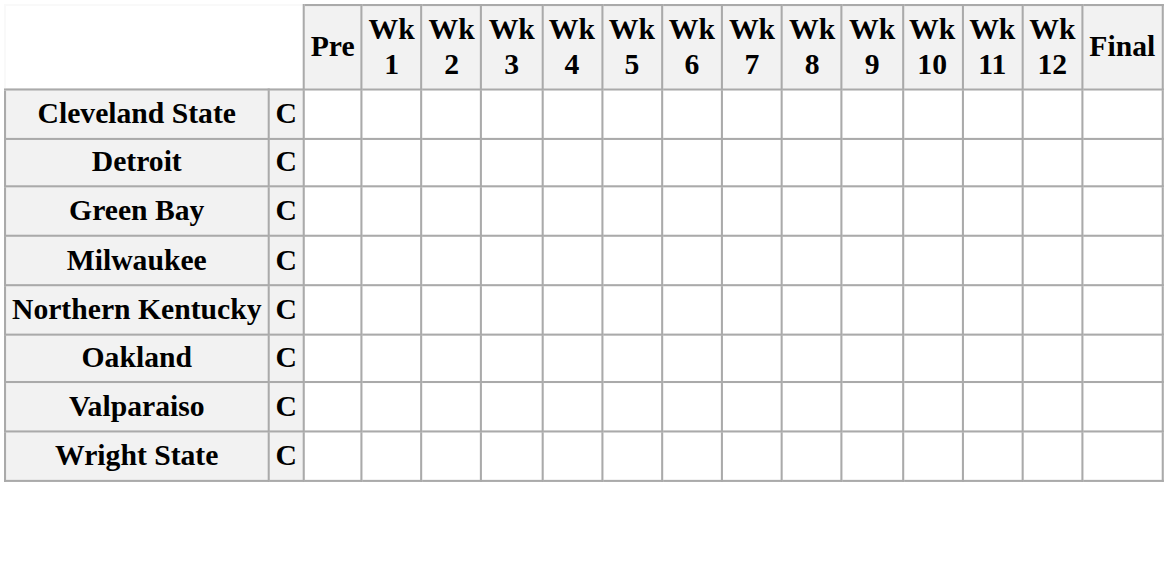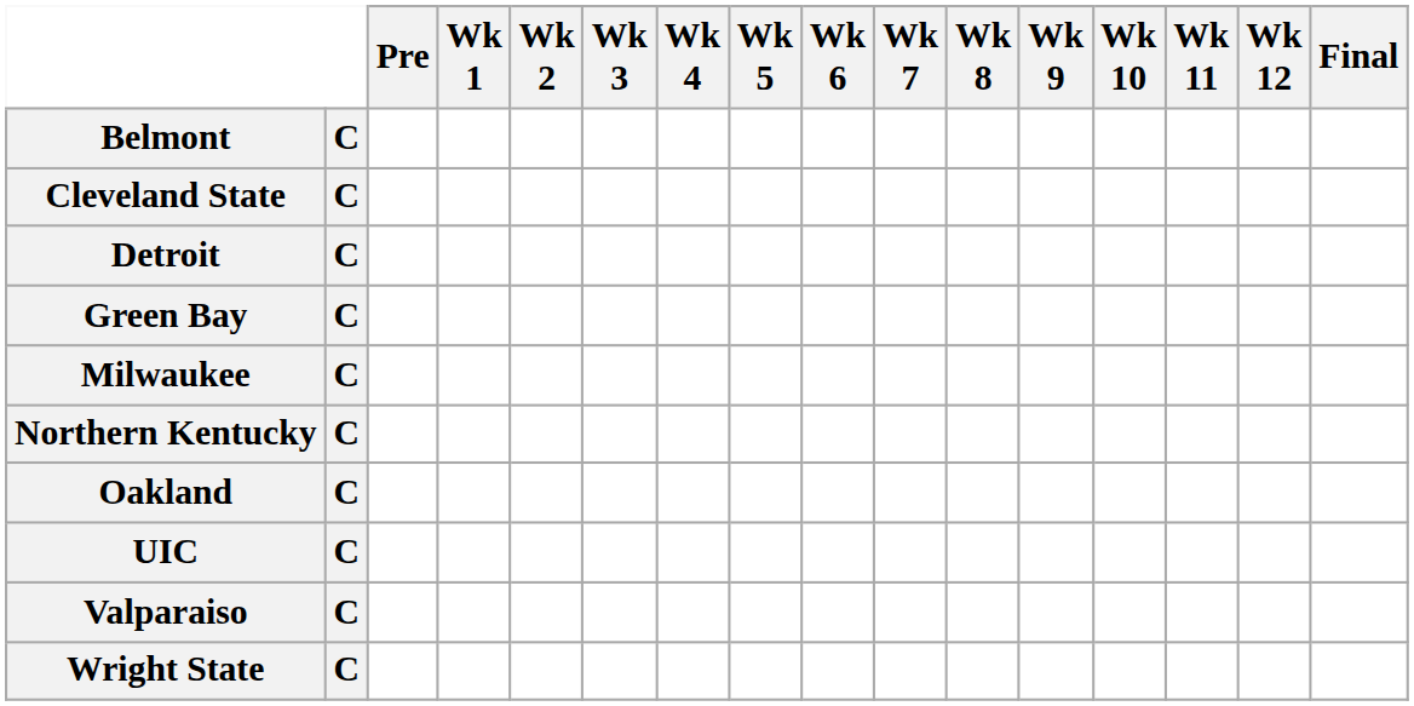 <table class="wikitable" style="white-space:nowrap;font-size:90%;">
 <tr>
 <th colspan=2 style="background:white; border-top-style:hidden; border-left-style:hidden;"> </th>
 <th>Pre</th>
 <th>Wk<br>1</th>
 <th>Wk<br>2</th>
 <th>Wk<br>3</th>
 <th>Wk<br>4</th>
 <th>Wk<br>5</th>
 <th>Wk<br>6</th>
 <th>Wk<br>7</th>
 <th>Wk<br>8</th>
 <th>Wk<br>9</th>
 <th>Wk<br>10</th>
 <th>Wk<br>11</th>
 <th>Wk<br>12</th>
 <th>Final</th>
+</tr>
+<tr style="text-align:center;">
+<th style="background:#">Belmont</th>
+<th>C</th>
+<td style="background:#FFF;"></td>
+<td style="background:#FFF;"></td>
+<td style="background:#FFF;"></td>
+<td style="background:#FFF;"></td>
+<td style="background:#FFF;"></td>
+<td style="background:#FFF;"></td>
+<td style="background:#FFF;"></td>
+<td style="background:#FFF;"></td>
+<td style="background:#FFF;"></td>
+<td style="background:#FFF;"></td>
+<td style="background:#FFF;"></td>
+<td style="background:#FFF;"></td>
+<td style="background:#FFF;"></td>
+<td style="background:#FFF;"></td>
 </tr>
 <tr style="text-align:center;">
 <th style="background:#">Cleveland State</th>
 <th>C</th>
 <td style="background:#FFF;"></td>
 <td style="background:#FFF;"></td>
 <td style="background:#FFF;"></td>
 <td style="background:#FFF;"></td>
 <td style="background:#FFF;"></td>
 <td style="background:#FFF;"></td>
 <td style="background:#FFF;"></td>
 <td style="background:#FFF;"></td>
 <td style="background:#FFF;"></td>
 <td style="background:#FFF;"></td>
 <td style="background:#FFF;"></td>
 <td style="background:#FFF;"></td>
 <td style="background:#FFF;"></td>
 <td style="background:#FFF;"></td>
 </tr>
 <tr style="text-align:center;">
 <th style="background:#">Detroit</th>
 <th>C</th>
 <td style="background:#FFF;"></td>
 <td style="background:#FFF;"></td>
 <td style="background:#FFF;"></td>
 <td style="background:#FFF;"></td>
 <td style="background:#FFF;"></td>
 <td style="background:#FFF;"></td>
 <td style="background:#FFF;"></td>
 <td style="background:#FFF;"></td>
 <td style="background:#FFF;"></td>
 <td style="background:#FFF;"></td>
 <td style="background:#FFF;"></td>
 <td style="background:#FFF;"></td>
 <td style="background:#FFF;"></td>
 <td style="background:#FFF;"></td>
 </tr>
 <tr style="text-align:center;">
 <th style="background:#">Green Bay</th>
 <th>C</th>
 <td style="background:#FFF;"></td>
 <td style="background:#FFF;"></td>
 <td style="background:#FFF;"></td>
 <td style="background:#FFF;"></td>
 <td style="background:#FFF;"></td>
 <td style="background:#FFF;"></td>
 <td style="background:#FFF;"></td>
 <td style="background:#FFF;"></td>
 <td style="background:#FFF;"></td>
 <td style="background:#FFF;"></td>
 <td style="background:#FFF;"></td>
 <td style="background:#FFF;"></td>
 <td style="background:#FFF;"></td>
 <td style="background:#FFF;"></td>
 </tr>
 <tr style="text-align:center;">
 <th style="background:#">Milwaukee</th>
 <th>C</th>
 <td style="background:#FFF;"></td>
 <td style="background:#FFF;"></td>
 <td style="background:#FFF;"></td>
 <td style="background:#FFF;"></td>
 <td style="background:#FFF;"></td>
 <td style="background:#FFF;"></td>
 <td style="background:#FFF;"></td>
 <td style="background:#FFF;"></td>
 <td style="background:#FFF;"></td>
 <td style="background:#FFF;"></td>
 <td style="background:#FFF;"></td>
 <td style="background:#FFF;"></td>
 <td style="background:#FFF;"></td>
 <td style="background:#FFF;"></td>
 </tr>
 <tr style="text-align:center;">
 <th style="background:#">Northern Kentucky</th>
 <th>C</th>
 <td style="background:#FFF;"></td>
 <td style="background:#FFF;"></td>
 <td style="background:#FFF;"></td>
 <td style="background:#FFF;"></td>
 <td style="background:#FFF;"></td>
 <td style="background:#FFF;"></td>
 <td style="background:#FFF;"></td>
 <td style="background:#FFF;"></td>
 <td style="background:#FFF;"></td>
 <td style="background:#FFF;"></td>
 <td style="background:#FFF;"></td>
 <td style="background:#FFF;"></td>
 <td style="background:#FFF;"></td>
 <td style="background:#FFF;"></td>
 </tr>
 <tr style="text-align:center;">
 <th style="background:#">Oakland</th>
 <th>C</th>
 <td style="background:#FFF;"></td>
 <td style="background:#FFF;"></td>
 <td style="background:#FFF;"></td>
 <td style="background:#FFF;"></td>
 <td style="background:#FFF;"></td>
 <td style="background:#FFF;"></td>
 <td style="background:#FFF;"></td>
 <td style="background:#FFF;"></td>
 <td style="background:#FFF;"></td>
 <td style="background:#FFF;"></td>
 <td style="background:#FFF;"></td>
 <td style="background:#FFF;"></td>
 <td style="background:#FFF;"></td>
 <td style="background:#FFF;"></td>
 </tr>
 <tr style="text-align:center;">
+<th style="background:#">UIC</th>
+<th>C</th>
+<td style="background:#FFF;"></td>
+<td style="background:#FFF;"></td>
+<td style="background:#FFF;"></td>
+<td style="background:#FFF;"></td>
+<td style="background:#FFF;"></td>
+<td style="background:#FFF;"></td>
+<td style="background:#FFF;"></td>
+<td style="background:#FFF;"></td>
+<td style="background:#FFF;"></td>
+<td style="background:#FFF;"></td>
+<td style="background:#FFF;"></td>
+<td style="background:#FFF;"></td>
+<td style="background:#FFF;"></td>
+<td style="background:#FFF;"></td>
+</tr>
+<tr style="text-align:center;">
 <th style="background:#">Valparaiso</th>
 <th>C</th>
 <td style="background:#FFF;"></td>
 <td style="background:#FFF;"></td>
 <td style="background:#FFF;"></td>
 <td style="background:#FFF;"></td>
 <td style="background:#FFF;"></td>
 <td style="background:#FFF;"></td>
 <td style="background:#FFF;"></td>
 <td style="background:#FFF;"></td>
 <td style="background:#FFF;"></td>
 <td style="background:#FFF;"></td>
 <td style="background:#FFF;"></td>
 <td style="background:#FFF;"></td>
 <td style="background:#FFF;"></td>
 <td style="background:#FFF;"></td>
 </tr>
 <tr style="text-align:center;">
 <th style="background:#">Wright State</th>
 <th>C</th>
 <td style="background:#FFF;"></td>
 <td style="background:#FFF;"></td>
 <td style="background:#FFF;"></td>
 <td style="background:#FFF;"></td>
 <td style="background:#FFF;"></td>
 <td style="background:#FFF;"></td>
 <td style="background:#FFF;"></td>
 <td style="background:#FFF;"></td>
 <td style="background:#FFF;"></td>
 <td style="background:#FFF;"></td>
 <td style="background:#FFF;"></td>
 <td style="background:#FFF;"></td>
 <td style="background:#FFF;"></td>
 <td style="background:#FFF;"></td>
 </tr>
 </table>
